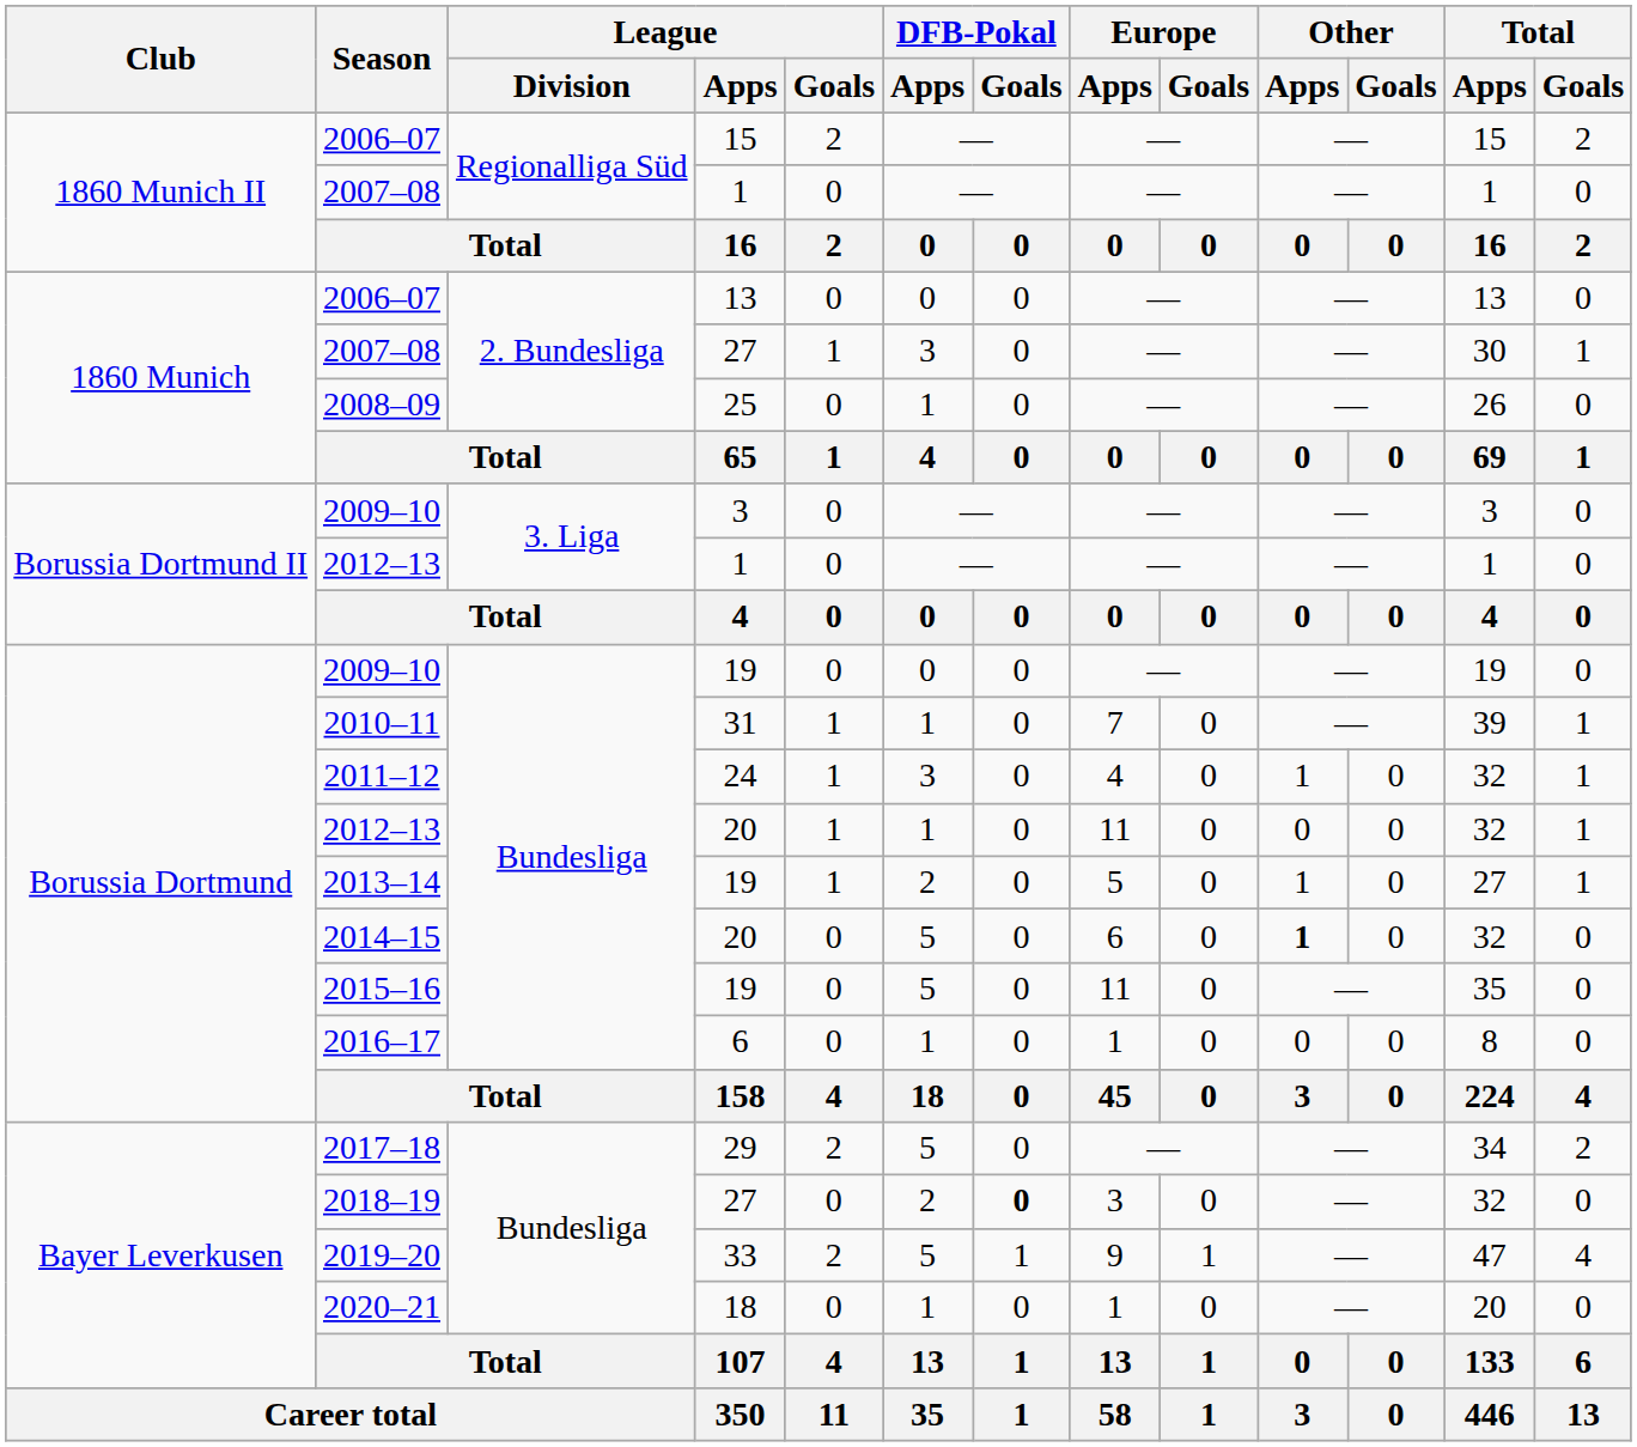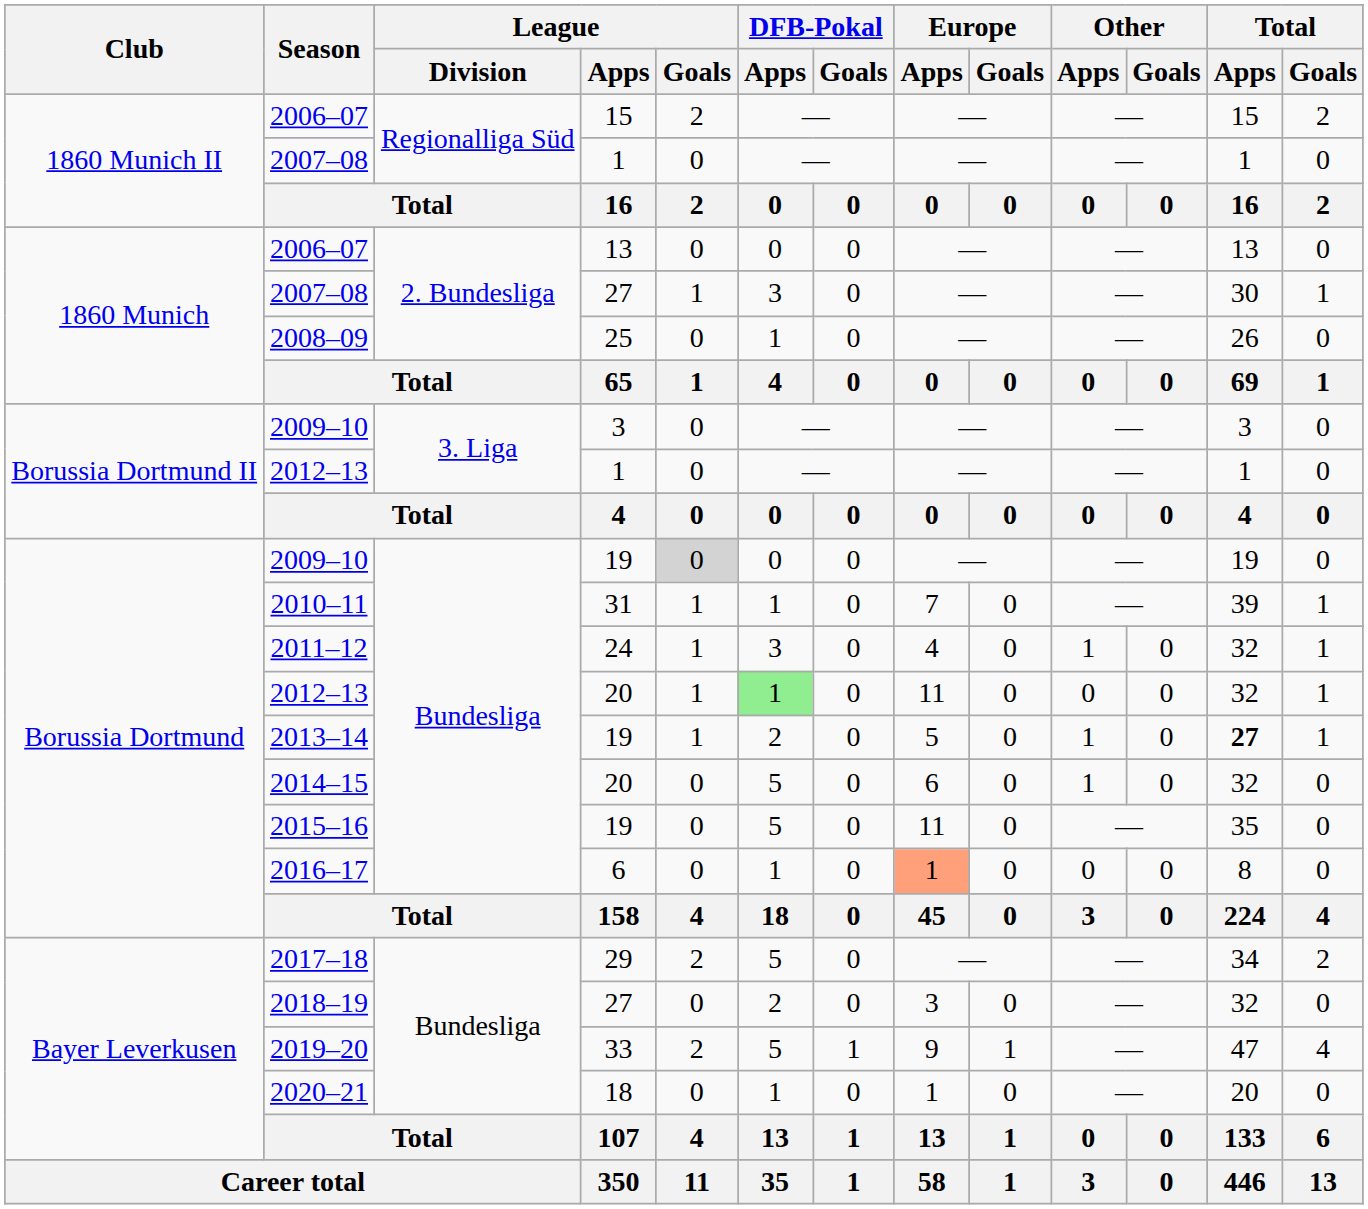 <table class="wikitable" style="text-align: center;">
 <tr>
 <th rowspan=2>Club</th>
 <th rowspan=2>Season</th>
 <th colspan=3>League</th>
 <th colspan=2><a href='#'>DFB-Pokal</a></th>
 <th colspan=2>Europe</th>
 <th colspan=2>Other</th>
 <th colspan=2>Total</th>
 </tr>
 <tr>
 <th>Division</th>
 <th>Apps</th>
 <th>Goals</th>
 <th>Apps</th>
 <th>Goals</th>
 <th>Apps</th>
 <th>Goals</th>
 <th>Apps</th>
 <th>Goals</th>
 <th>Apps</th>
 <th>Goals</th>
 </tr>
 <tr>
 <td rowspan="3"><a href='#'>1860 Munich II</a></td>
 <td><a href='#'>2006–07</a></td>
 <td rowspan="2"><a href='#'>Regionalliga Süd</a></td>
 <td>15</td>
 <td>2</td>
 <td colspan="2">—</td>
 <td colspan="2">—</td>
 <td colspan="2">—</td>
 <td>15</td>
 <td>2</td>
 </tr>
 <tr>
 <td><a href='#'>2007–08</a></td>
 <td>1</td>
 <td>0</td>
 <td colspan="2">—</td>
 <td colspan="2">—</td>
 <td colspan="2">—</td>
 <td>1</td>
 <td>0</td>
 </tr>
 <tr>
 <th colspan="2">Total</th>
 <th>16</th>
 <th>2</th>
 <th>0</th>
 <th>0</th>
 <th>0</th>
 <th>0</th>
 <th>0</th>
 <th>0</th>
 <th>16</th>
 <th>2</th>
 </tr>
 <tr>
 <td rowspan="4"><a href='#'>1860 Munich</a></td>
 <td><a href='#'>2006–07</a></td>
 <td rowspan="3"><a href='#'>2. Bundesliga</a></td>
 <td>13</td>
 <td>0</td>
 <td>0</td>
 <td>0</td>
 <td colspan="2">—</td>
 <td colspan="2">—</td>
 <td>13</td>
 <td>0</td>
 </tr>
 <tr>
 <td><a href='#'>2007–08</a></td>
 <td>27</td>
 <td>1</td>
 <td>3</td>
 <td>0</td>
 <td colspan="2">—</td>
 <td colspan="2">—</td>
 <td>30</td>
 <td>1</td>
 </tr>
 <tr>
 <td><a href='#'>2008–09</a></td>
 <td>25</td>
 <td>0</td>
 <td>1</td>
 <td>0</td>
 <td colspan="2">—</td>
 <td colspan="2">—</td>
 <td>26</td>
 <td>0</td>
 </tr>
 <tr>
 <th colspan="2">Total</th>
 <th>65</th>
 <th>1</th>
 <th>4</th>
 <th>0</th>
 <th>0</th>
 <th>0</th>
 <th>0</th>
 <th>0</th>
 <th>69</th>
 <th>1</th>
 </tr>
 <tr>
 <td rowspan="3"><a href='#'>Borussia Dortmund II</a></td>
 <td><a href='#'>2009–10</a></td>
 <td rowspan="2"><a href='#'>3. Liga</a></td>
 <td>3</td>
 <td>0</td>
 <td colspan="2">—</td>
 <td colspan="2">—</td>
 <td colspan="2">—</td>
 <td>3</td>
 <td>0</td>
 </tr>
 <tr>
 <td><a href='#'>2012–13</a></td>
 <td>1</td>
 <td>0</td>
 <td colspan="2">—</td>
 <td colspan="2">—</td>
 <td colspan="2">—</td>
 <td>1</td>
 <td>0</td>
 </tr>
 <tr>
 <th colspan="2">Total</th>
 <th>4</th>
 <th>0</th>
 <th>0</th>
 <th>0</th>
 <th>0</th>
 <th>0</th>
 <th>0</th>
 <th>0</th>
 <th>4</th>
 <th>0</th>
 </tr>
 <tr>
 <td rowspan="9"><a href='#'>Borussia Dortmund</a></td>
 <td><a href='#'>2009–10</a></td>
 <td rowspan="8"><a href='#'>Bundesliga</a></td>
 <td>19</td>
-<td>0</td>
+<td style="background: lightgrey;">0</td>
 <td>0</td>
 <td>0</td>
 <td colspan="2">—</td>
 <td colspan="2">—</td>
 <td>19</td>
 <td>0</td>
 </tr>
 <tr>
 <td><a href='#'>2010–11</a></td>
 <td>31</td>
 <td>1</td>
 <td>1</td>
 <td>0</td>
 <td>7</td>
 <td>0</td>
 <td colspan="2">—</td>
 <td>39</td>
 <td>1</td>
 </tr>
 <tr>
 <td><a href='#'>2011–12</a></td>
 <td>24</td>
 <td>1</td>
 <td>3</td>
 <td>0</td>
 <td>4</td>
 <td>0</td>
 <td>1</td>
 <td>0</td>
 <td>32</td>
 <td>1</td>
 </tr>
 <tr>
 <td><a href='#'>2012–13</a></td>
 <td>20</td>
 <td>1</td>
-<td>1</td>
+<td style="background: lightgreen;">1</td>
 <td>0</td>
 <td>11</td>
 <td>0</td>
 <td>0</td>
 <td>0</td>
 <td>32</td>
 <td>1</td>
 </tr>
 <tr>
 <td><a href='#'>2013–14</a></td>
 <td>19</td>
 <td>1</td>
 <td>2</td>
 <td>0</td>
 <td>5</td>
 <td>0</td>
 <td>1</td>
 <td>0</td>
-<td>27</td>
+<td><strong>27</strong></td>
 <td>1</td>
 </tr>
 <tr>
 <td><a href='#'>2014–15</a></td>
 <td>20</td>
 <td>0</td>
 <td>5</td>
 <td>0</td>
 <td>6</td>
 <td>0</td>
-<td><strong>1</strong></td>
+<td>1</td>
 <td>0</td>
 <td>32</td>
 <td>0</td>
 </tr>
 <tr>
 <td><a href='#'>2015–16</a></td>
 <td>19</td>
 <td>0</td>
 <td>5</td>
 <td>0</td>
 <td>11</td>
 <td>0</td>
 <td colspan="2">—</td>
 <td>35</td>
 <td>0</td>
 </tr>
 <tr>
 <td><a href='#'>2016–17</a></td>
 <td>6</td>
 <td>0</td>
 <td>1</td>
 <td>0</td>
-<td>1</td>
+<td style="background: lightsalmon;">1</td>
 <td>0</td>
 <td>0</td>
 <td>0</td>
 <td>8</td>
 <td>0</td>
 </tr>
 <tr>
 <th colspan="2">Total</th>
 <th>158</th>
 <th>4</th>
 <th>18</th>
 <th>0</th>
 <th>45</th>
 <th>0</th>
 <th>3</th>
 <th>0</th>
 <th>224</th>
 <th>4</th>
 </tr>
 <tr>
 <td rowspan="5"><a href='#'>Bayer Leverkusen</a></td>
 <td><a href='#'>2017–18</a></td>
 <td rowspan="4">Bundesliga</td>
 <td>29</td>
 <td>2</td>
 <td>5</td>
 <td>0</td>
 <td colspan="2">—</td>
 <td colspan="2">—</td>
 <td>34</td>
 <td>2</td>
 </tr>
 <tr>
 <td><a href='#'>2018–19</a></td>
 <td>27</td>
 <td>0</td>
 <td>2</td>
-<td><strong>0</strong></td>
+<td>0</td>
 <td>3</td>
 <td>0</td>
 <td colspan="2">—</td>
 <td>32</td>
 <td>0</td>
 </tr>
 <tr>
 <td><a href='#'>2019–20</a></td>
 <td>33</td>
 <td>2</td>
 <td>5</td>
 <td>1</td>
 <td>9</td>
 <td>1</td>
 <td colspan="2">—</td>
 <td>47</td>
 <td>4</td>
 </tr>
 <tr>
 <td><a href='#'>2020–21</a></td>
 <td>18</td>
 <td>0</td>
 <td>1</td>
 <td>0</td>
 <td>1</td>
 <td>0</td>
 <td colspan="2">—</td>
 <td>20</td>
 <td>0</td>
 </tr>
 <tr>
 <th colspan="2">Total</th>
 <th>107</th>
 <th>4</th>
 <th>13</th>
 <th>1</th>
 <th>13</th>
 <th>1</th>
 <th>0</th>
 <th>0</th>
 <th>133</th>
 <th>6</th>
 </tr>
 <tr>
 <th colspan="3">Career total</th>
 <th>350</th>
 <th>11</th>
 <th>35</th>
 <th>1</th>
 <th>58</th>
 <th>1</th>
 <th>3</th>
 <th>0</th>
 <th>446</th>
 <th>13</th>
 </tr>
 </table>
